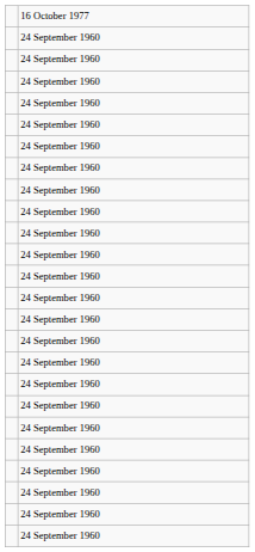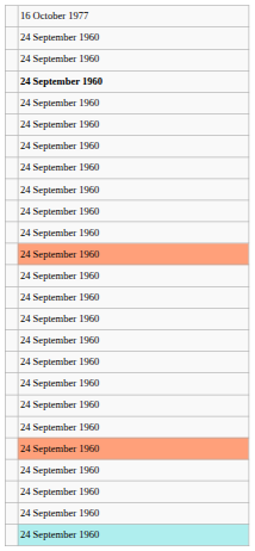 <table class="wikitable" style="font-size: 89%; float: left; width: 24em; margin-right: 1em; line-height: 1.65em">
 <tr>
 <td></td>
 <td>16 October 1977</td>
+</tr>
+<tr>
+<td></td>
+<td>24 September 1960</td>
+</tr>
+<tr>
+<td></td>
+<td>24 September 1960</td>
+</tr>
+<tr>
+<td></td>
+<td><strong>24 September 1960</strong></td>
+</tr>
+<tr>
+<td></td>
+<td>24 September 1960</td>
+</tr>
+<tr>
+<td></td>
+<td>24 September 1960</td>
+</tr>
+<tr>
+<td></td>
+<td>24 September 1960</td>
+</tr>
+<tr>
+<td></td>
+<td>24 September 1960</td>
+</tr>
+<tr>
+<td></td>
+<td>24 September 1960</td>
+</tr>
+<tr>
+<td></td>
+<td>24 September 1960</td>
+</tr>
+<tr>
+<td></td>
+<td>24 September 1960</td>
+</tr>
+<tr>
+<td></td>
+<td style="background: lightsalmon;">24 September 1960</td>
 </tr>
 <tr>
 <td></td>
 <td>24 September 1960</td>
 </tr>
 <tr>
 <td></td>
 <td>24 September 1960</td>
 </tr>
 <tr>
 <td></td>
 <td>24 September 1960</td>
 </tr>
 <tr>
 <td></td>
 <td>24 September 1960</td>
 </tr>
 <tr>
 <td></td>
 <td>24 September 1960</td>
 </tr>
 <tr>
 <td></td>
 <td>24 September 1960</td>
 </tr>
 <tr>
 <td></td>
 <td>24 September 1960</td>
 </tr>
 <tr>
 <td></td>
 <td>24 September 1960</td>
 </tr>
 <tr>
 <td></td>
-<td>24 September 1960</td>
+<td style="background: lightsalmon;">24 September 1960</td>
 </tr>
 <tr>
 <td></td>
 <td>24 September 1960</td>
 </tr>
 <tr>
 <td></td>
 <td>24 September 1960</td>
 </tr>
 <tr>
 <td></td>
 <td>24 September 1960</td>
 </tr>
 <tr>
 <td></td>
-<td>24 September 1960</td>
-</tr>
-<tr>
-<td></td>
-<td>24 September 1960</td>
-</tr>
-<tr>
-<td></td>
-<td>24 September 1960</td>
-</tr>
-<tr>
-<td></td>
-<td>24 September 1960</td>
-</tr>
-<tr>
-<td></td>
-<td>24 September 1960</td>
-</tr>
-<tr>
-<td></td>
-<td>24 September 1960</td>
-</tr>
-<tr>
-<td></td>
-<td>24 September 1960</td>
-</tr>
-<tr>
-<td></td>
-<td>24 September 1960</td>
-</tr>
-<tr>
-<td></td>
-<td>24 September 1960</td>
-</tr>
-<tr>
-<td></td>
-<td>24 September 1960</td>
-</tr>
-<tr>
-<td></td>
-<td>24 September 1960</td>
-</tr>
-<tr>
-<td></td>
-<td>24 September 1960</td>
+<td style="background: paleturquoise;">24 September 1960</td>
 </tr>
 </table>
